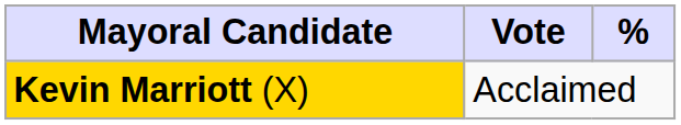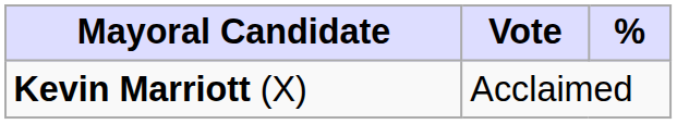 <table class="wikitable">
 <tr>
 <th style="background:#ddf; width:200px;">Mayoral Candidate</th>
 <th style="background:#ddf; width:50px;">Vote</th>
 <th style="background:#ddf; width:30px;">%</th>
 </tr>
 <tr>
-<td style="background: gold;"><strong>Kevin Marriott</strong> (X)</td>
+<td><strong>Kevin Marriott</strong> (X)</td>
 <td colspan="2">Acclaimed</td>
 </tr>
 </table>
